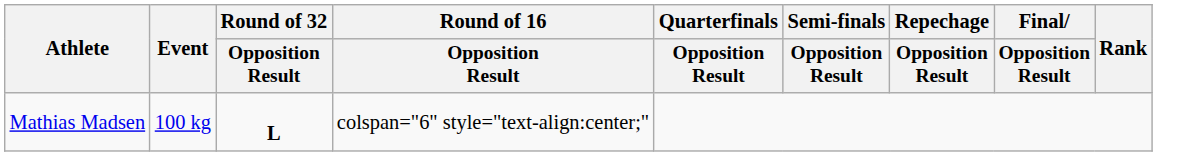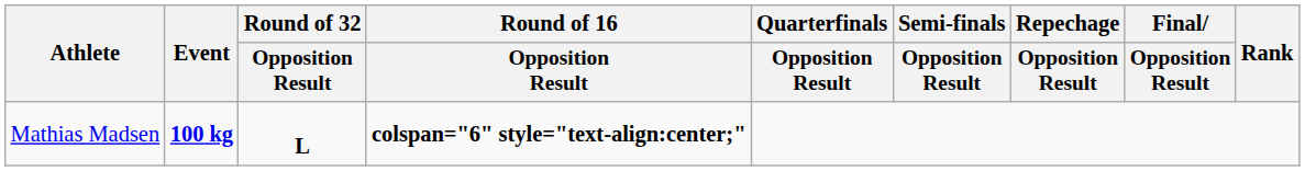 <table class=wikitable style="text-align:center; font-size:90%">
 <tr>
 <th rowspan="2">Athlete</th>
 <th rowspan="2">Event</th>
 <th>Round of 32</th>
 <th>Round of 16</th>
 <th>Quarterfinals</th>
 <th>Semi-finals</th>
 <th>Repechage</th>
 <th>Final/</th>
 <th rowspan=2>Rank</th>
 </tr>
 <tr style="font-size:95%">
 <th>Opposition<br>Result</th>
 <th>Opposition<br>Result</th>
 <th>Opposition<br>Result</th>
 <th>Opposition<br>Result</th>
 <th>Opposition<br>Result</th>
 <th>Opposition<br>Result</th>
 </tr>
 <tr>
 <td align=left><a href='#'>Mathias Madsen</a></td>
-<td><a href='#'>100 kg</a></td>
+<td><strong><a href='#'>100 kg</a></strong></td>
 <td style="text-align:center;"><br><strong>L</strong></td>
-<td>colspan="6" style="text-align:center;" </td>
+<td><strong>colspan="6" style="text-align:center;" </strong></td>
 </tr>
 </table>
